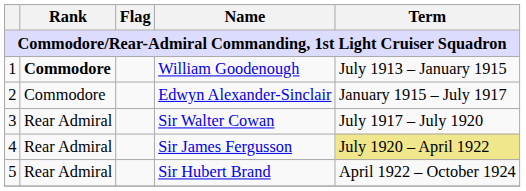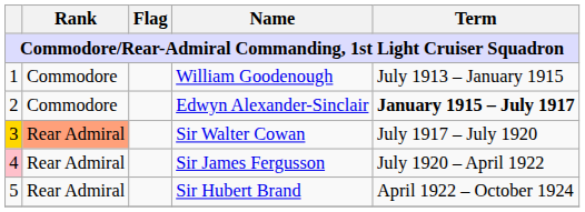 <table class="wikitable">
 <tr>
 <th></th>
 <th>Rank</th>
 <th>Flag</th>
 <th>Name</th>
 <th>Term</th>
 </tr>
 <tr>
 <td colspan="5" align="center" style="background:#dcdcfe;"><strong>Commodore/Rear-Admiral Commanding, 1st Light Cruiser Squadron</strong> </td>
 </tr>
 <tr>
 <td>1</td>
-<td><strong>Commodore</strong></td>
+<td>Commodore</td>
 <td></td>
 <td><a href='#'>William Goodenough</a></td>
 <td>July 1913 – January 1915</td>
 </tr>
 <tr>
 <td>2</td>
 <td>Commodore</td>
 <td></td>
 <td><a href='#'>Edwyn Alexander-Sinclair</a></td>
-<td>January 1915 – July 1917</td>
+<td><strong>January 1915 – July 1917</strong></td>
 </tr>
 <tr>
-<td>3</td>
-<td>Rear Admiral</td>
+<td style="background: gold;">3</td>
+<td style="background: lightsalmon;">Rear Admiral</td>
 <td></td>
 <td><a href='#'>Sir Walter Cowan</a></td>
 <td>July 1917 – July 1920</td>
 </tr>
 <tr>
-<td>4</td>
+<td style="background: pink;">4</td>
 <td>Rear Admiral</td>
 <td></td>
 <td><a href='#'>Sir James Fergusson</a></td>
-<td style="background: khaki;">July 1920 – April 1922</td>
+<td>July 1920 – April 1922</td>
 </tr>
 <tr>
 <td>5</td>
 <td>Rear Admiral</td>
 <td></td>
 <td><a href='#'>Sir Hubert Brand</a></td>
 <td>April 1922 – October 1924</td>
 </tr>
 <tr>
 </tr>
 </table>
